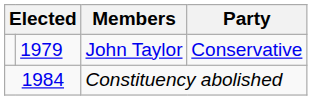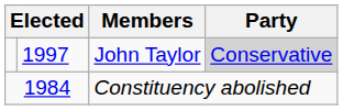 <table class="wikitable">
 <tr>
 <th colspan = "2">Elected</th>
 <th>Members</th>
 <th>Party</th>
 </tr>
 <tr>
 <td style="background-color: "></td>
-<td><a href='#'>1979</a></td>
+<td><a href='#'>1997</a></td>
 <td><a href='#'>John Taylor</a></td>
-<td><a href='#'>Conservative</a></td>
+<td style="background: lightgrey;"><a href='#'>Conservative</a></td>
 </tr>
 <tr>
 <td colspan="2" align="center"><a href='#'>1984</a></td>
 <td colspan="2"><em>Constituency abolished</em></td>
 </tr>
 </table>
